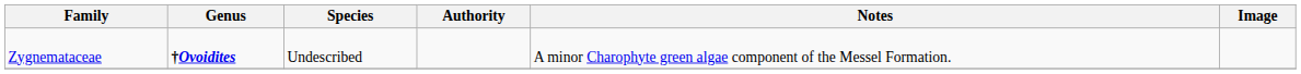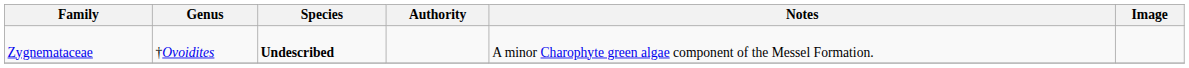 <table class="wikitable" align="center" width="70%">
 <tr>
 <th>Family</th>
 <th>Genus</th>
 <th>Species</th>
 <th>Authority</th>
 <th>Notes</th>
 <th>Image</th>
 </tr>
 <tr>
 <td><br><a href='#'>Zygnemataceae</a></td>
-<td><strong><br>†<em><a href='#'>Ovoidites</a></em></strong></td>
-<td><br>Undescribed</td>
+<td><br>†<em><a href='#'>Ovoidites</a></em></td>
+<td><strong><br>Undescribed</strong></td>
 <td></td>
 <td><br>A minor <a href='#'>Charophyte green algae</a> component of the Messel Formation.</td>
 <td></td>
 </tr>
 <tr>
 </tr>
 </table>
